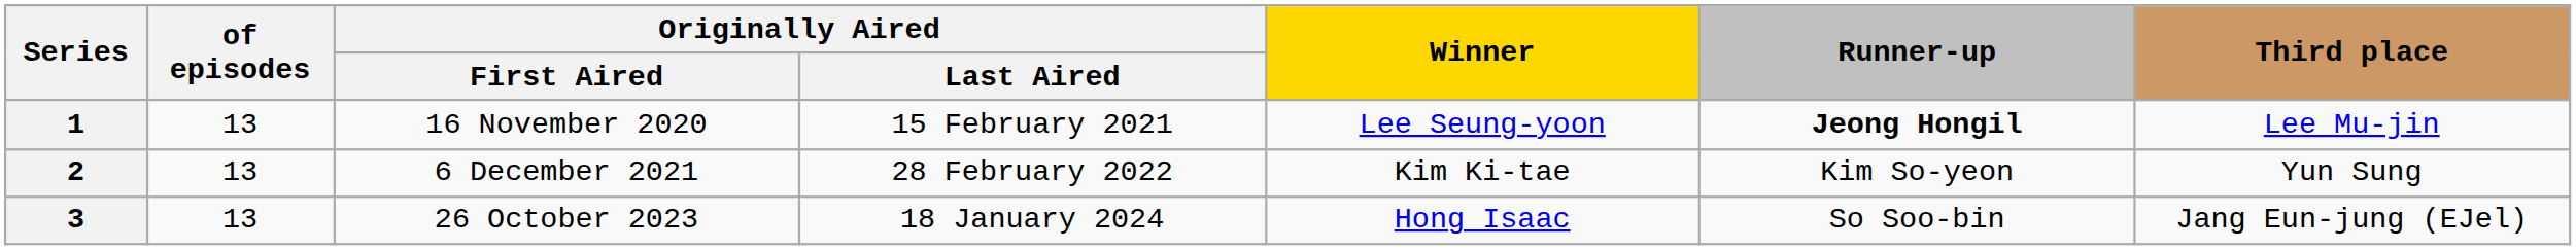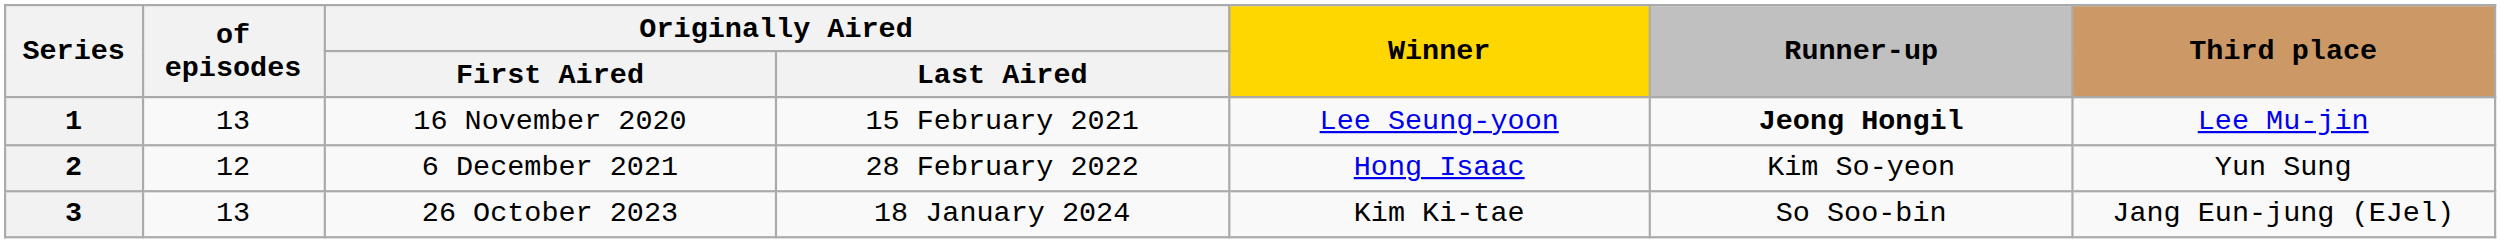 <table class="wikitable" style="text-align:center; font-size:100%; width:90%">
 <tr>
 <th style="width:4%;" rowspan="2">Series</th>
 <th style="width:6%;" rowspan="2"><a href='#'></a> of<br>episodes</th>
 <th style="width:20%;" colspan="2">Originally Aired</th>
 <th style="width:14%; background:gold;" align="center" rowspan="2">Winner</th>
 <th style="width:14%; background:silver;" align="center"rowspan="2">Runner-up</th>
 <th style="width:14%; background:#c96;" align="center"rowspan="2">Third place</th>
 </tr>
 <tr>
 <th style="width:15%;">First Aired</th>
 <th style="width:15%;">Last Aired</th>
 </tr>
 <tr>
 <th scope="row">1<br></th>
 <td>13</td>
 <td>16 November 2020</td>
 <td>15 February 2021</td>
 <td><a href='#'>Lee Seung-yoon</a> <br></td>
 <td><strong>Jeong Hongil <br></strong></td>
 <td><a href='#'>Lee Mu-jin</a><br></td>
 </tr>
 <tr>
 <th scope="row">2</th>
-<td>13</td>
+<td>12</td>
 <td>6 December 2021</td>
 <td>28 February 2022</td>
-<td>Kim Ki-tae <br></td>
+<td><a href='#'>Hong Isaac</a> <br></td>
 <td>Kim So-yeon <br></td>
 <td>Yun Sung <br></td>
 </tr>
 <tr>
 <th scope="row">3<br></th>
 <td>13</td>
 <td>26 October 2023</td>
 <td>18 January 2024</td>
-<td><a href='#'>Hong Isaac</a> <br></td>
+<td>Kim Ki-tae <br></td>
 <td>So Soo-bin <br></td>
 <td>Jang Eun-jung (EJel) <br></td>
 </tr>
 </table>
